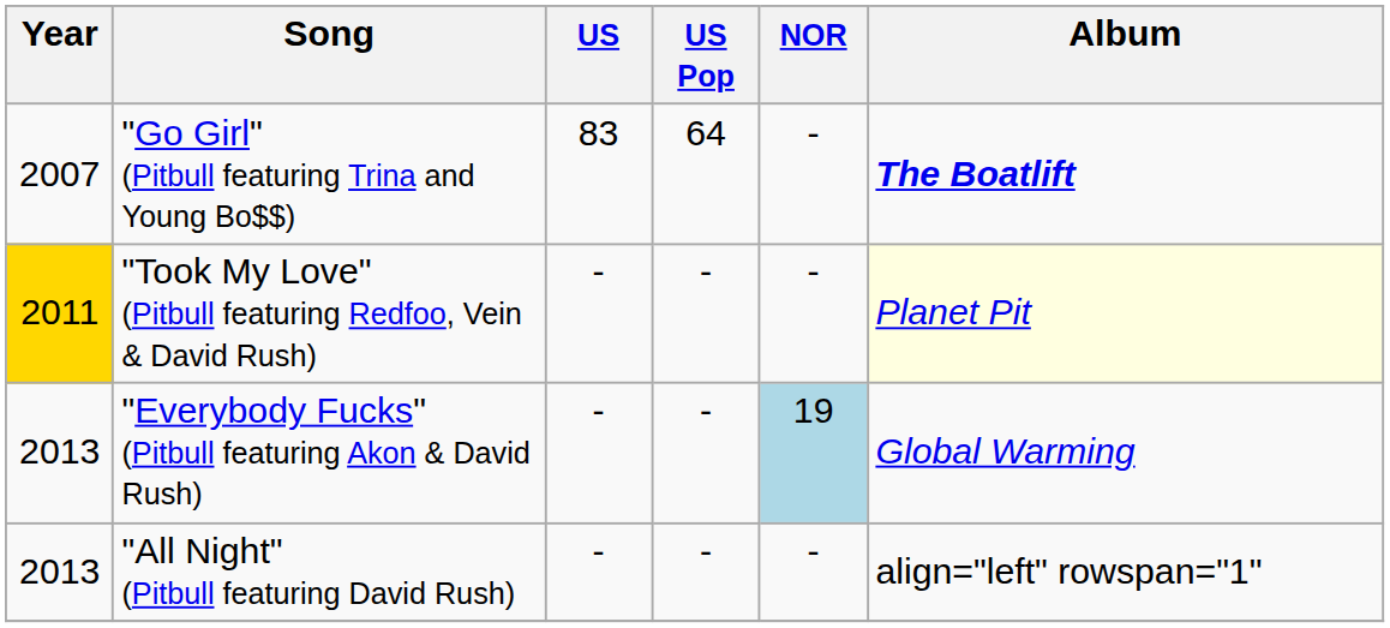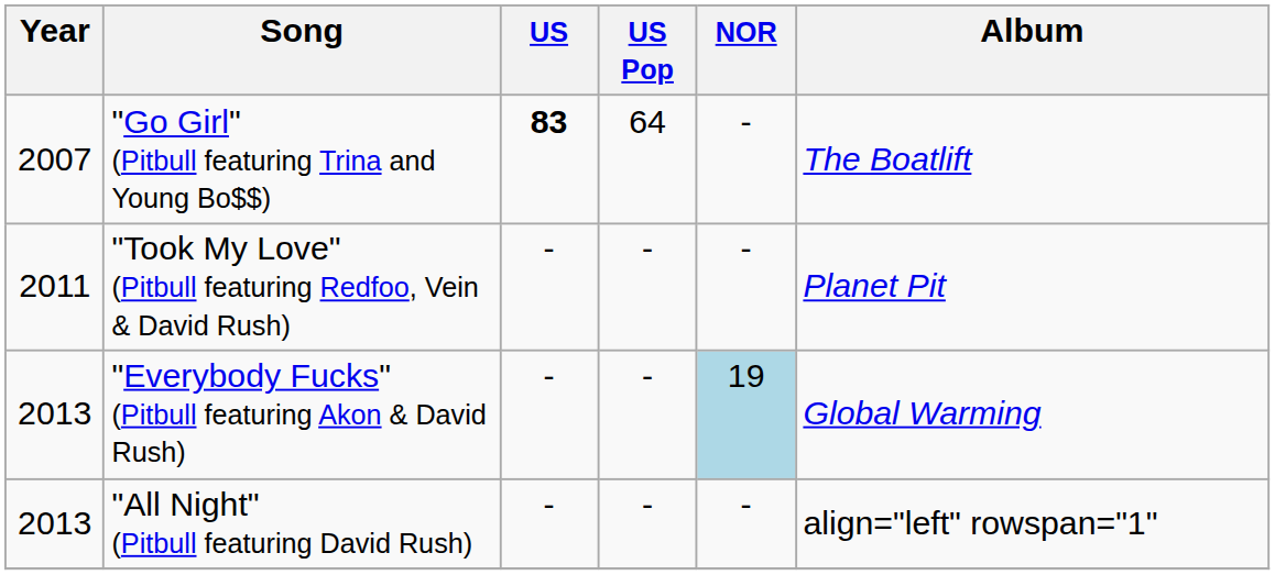 <table class="wikitable">
 <tr>
 <th align="center" valign="top" width="40">Year</th>
 <th align="left" valign="top">Song</th>
 <th align="center" valign="top" width="40"><small><a href='#'>US</a></small></th>
 <th align="center" valign="top" width="40"><small><a href='#'>US<br>Pop</a></small></th>
 <th align="center" valign="top" width="40"><small><a href='#'>NOR</a><br></small></th>
 <th align="left" valign="top" width="220">Album</th>
 </tr>
 <tr>
 <td align="center" rowspan="1">2007</td>
 <td align="left" valign="top">"<a href='#'>Go Girl</a>" <br><small>(<a href='#'>Pitbull</a> featuring <a href='#'>Trina</a> and Young Bo$$)</small></td>
-<td align="center" valign="top">83</td>
+<td align="center" valign="top"><strong>83</strong></td>
 <td align="center" valign="top">64</td>
 <td align="center" valign="top">-</td>
-<td align="left" rowspan="1"><strong><em><a href='#'>The Boatlift</a></em></strong></td>
+<td align="left" rowspan="1"><em><a href='#'>The Boatlift</a></em></td>
 </tr>
 <tr>
-<td align="center" rowspan="1" style="background: gold;">2011</td>
+<td align="center" rowspan="1">2011</td>
 <td align="left" valign="top">"Took My Love" <br><small>(<a href='#'>Pitbull</a> featuring <a href='#'>Redfoo</a>, Vein & David Rush)</small></td>
 <td align="center" valign="top">-</td>
 <td align="center" valign="top">-</td>
 <td align="center" valign="top">-</td>
-<td align="left" rowspan="1" style="background: lightyellow;"><em><a href='#'>Planet Pit</a></em></td>
+<td align="left" rowspan="1"><em><a href='#'>Planet Pit</a></em></td>
 </tr>
 <tr>
 <td align="center" rowspan="1">2013</td>
 <td align="left" valign="top">"<a href='#'>Everybody Fucks</a>" <br><small>(<a href='#'>Pitbull</a> featuring <a href='#'>Akon</a> & David Rush)</small></td>
 <td align="center" valign="top">-</td>
 <td align="center" valign="top">-</td>
 <td align="center" valign="top" style="background: lightblue;">19</td>
 <td align="left" rowspan="1"><em><a href='#'>Global Warming</a></em></td>
 </tr>
 <tr>
 <td align="center" rowspan="1">2013</td>
 <td align="left" valign="top">"All Night" <br><small>(<a href='#'>Pitbull</a> featuring David Rush)</small></td>
 <td align="center" valign="top">-</td>
 <td align="center" valign="top">-</td>
 <td align="center" valign="top">-</td>
 <td>align="left" rowspan="1" </td>
 </tr>
 <tr>
 </tr>
 </table>
